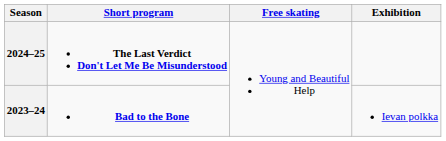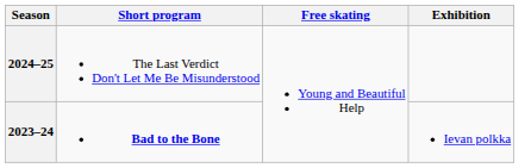 <table class=wikitable style=text-align:center>
 <tr>
 <th>Season</th>
 <th><a href='#'>Short program</a></th>
 <th><a href='#'>Free skating</a></th>
 <th>Exhibition</th>
 </tr>
 <tr>
 <th>2024–25 <br> </th>
-<td><strong><br><ul><li>The Last Verdict <br></li><li><a href='#'>Don't Let Me Be Misunderstood</a> <br></li></ul></strong></td>
+<td><br><ul><li>The Last Verdict <br></li><li><a href='#'>Don't Let Me Be Misunderstood</a> <br></li></ul></td>
 <td rowspan=2><br><ul><li><a href='#'>Young and Beautiful</a> <br> </li><li>Help <br> </li></ul></td>
 <td></td>
 </tr>
 <tr>
 <th>2023–24 <br></th>
 <td><strong><br><ul><li><a href='#'>Bad to the Bone</a> <br> </li></ul></strong></td>
 <td><br><ul><li><a href='#'>Ievan polkka</a> <br> </li></ul></td>
 </tr>
 </table>
